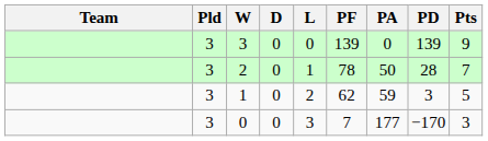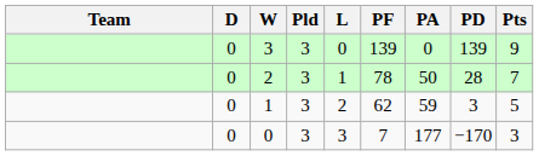 <table class="wikitable" style="text-align:center;">
 <tr>
 <th width=175>Team</th>
+<th width=25 abbr="Drawn">D</th>
+<th width=25 abbr="Won">W</th>
 <th width=25 abbr="Played">Pld</th>
-<th width=25 abbr="Won">W</th>
-<th width=25 abbr="Drawn">D</th>
 <th width=25 abbr="Lost">L</th>
 <th width=32 abbr="Points for">PF</th>
 <th width=32 abbr="Points against">PA</th>
 <th width=32 abbr="Points difference">PD</th>
 <th width=25 abbr="Points">Pts</th>
 </tr>
 <tr bgcolor="#ccffcc">
 <td align=left></td>
+<td>0</td>
 <td>3</td>
 <td>3</td>
-<td>0</td>
 <td>0</td>
 <td>139</td>
 <td>0</td>
 <td>139</td>
 <td>9</td>
 </tr>
 <tr bgcolor="#ccffcc">
 <td align=left></td>
+<td>0</td>
+<td>2</td>
 <td>3</td>
-<td>2</td>
-<td>0</td>
 <td>1</td>
 <td>78</td>
 <td>50</td>
 <td>28</td>
 <td>7</td>
 </tr>
 <tr>
 <td align=left></td>
+<td>0</td>
+<td>1</td>
 <td>3</td>
-<td>1</td>
-<td>0</td>
 <td>2</td>
 <td>62</td>
 <td>59</td>
 <td>3</td>
 <td>5</td>
 </tr>
 <tr>
 <td align=left></td>
-<td>3</td>
 <td>0</td>
 <td>0</td>
+<td>3</td>
 <td>3</td>
 <td>7</td>
 <td>177</td>
 <td>−170</td>
 <td>3</td>
 </tr>
 </table>
